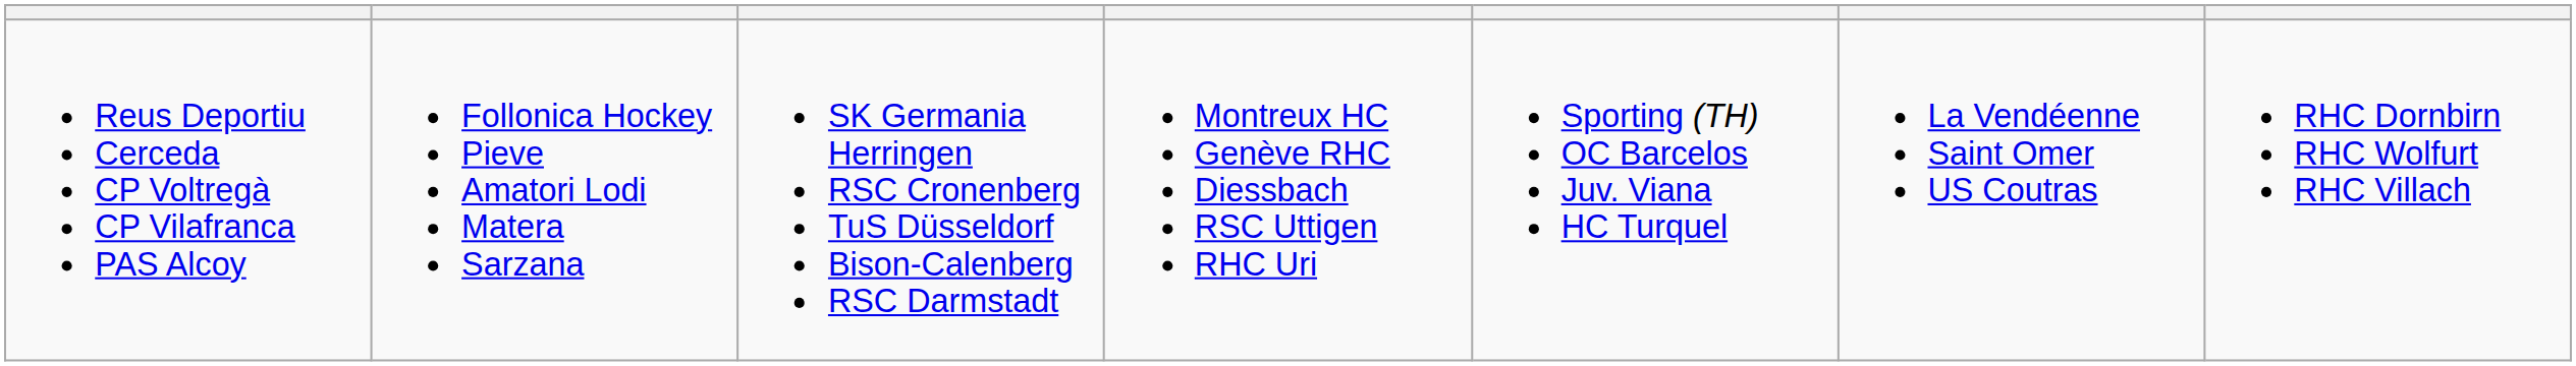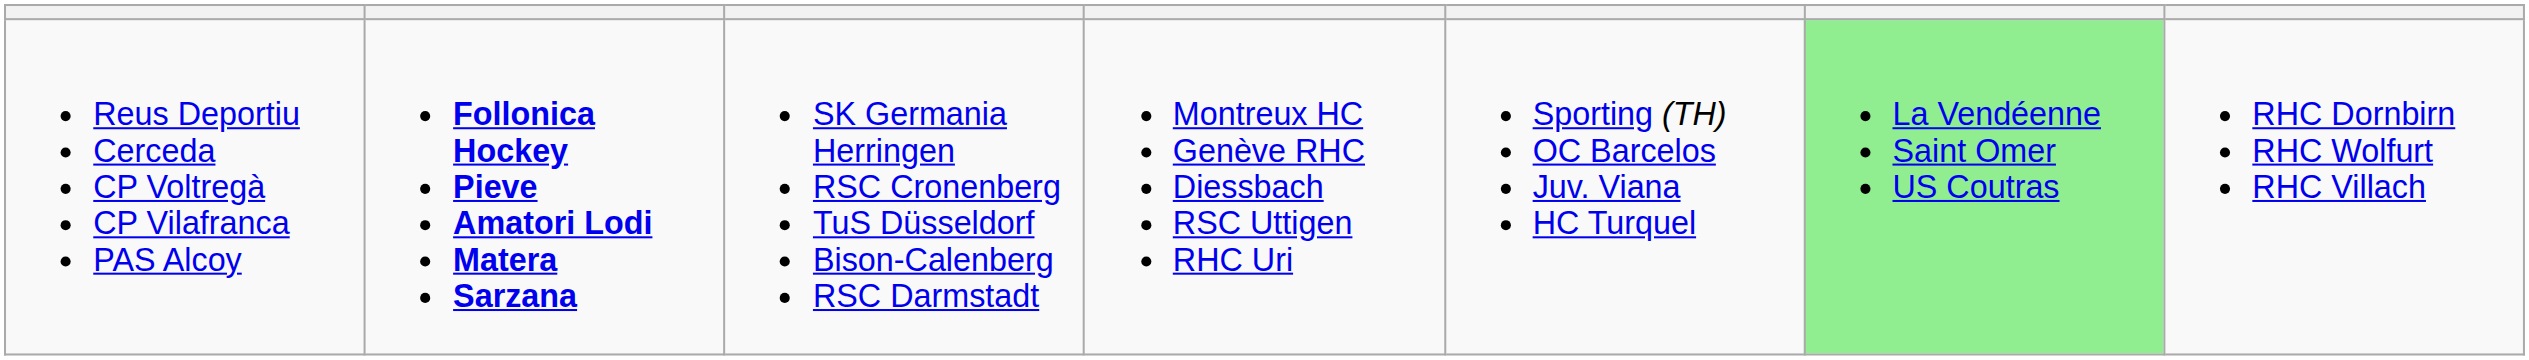 <table class="wikitable">
 <tr>
 <th width=12.5%></th>
 <th width=12.5%></th>
 <th width=12.5%></th>
 <th width=12.5%></th>
 <th width=12.5%></th>
 <th width=12.5%></th>
 <th width=12.5%></th>
 </tr>
 <tr>
 <td valign=top><br><ul><li><a href='#'>Reus Deportiu</a></li><li><a href='#'>Cerceda</a></li><li><a href='#'>CP Voltregà</a></li><li><a href='#'>CP Vilafranca</a></li><li><a href='#'>PAS Alcoy</a></li></ul></td>
-<td valign=top><br><ul><li><a href='#'>Follonica Hockey</a></li><li><a href='#'>Pieve</a></li><li><a href='#'>Amatori Lodi</a></li><li><a href='#'>Matera</a></li><li><a href='#'>Sarzana</a></li></ul></td>
+<td valign=top><strong><br><ul><li><a href='#'>Follonica Hockey</a></li><li><a href='#'>Pieve</a></li><li><a href='#'>Amatori Lodi</a></li><li><a href='#'>Matera</a></li><li><a href='#'>Sarzana</a></li></ul></strong></td>
 <td valign=top><br><ul><li><a href='#'>SK Germania Herringen</a></li><li><a href='#'>RSC Cronenberg</a></li><li><a href='#'>TuS Düsseldorf</a></li><li><a href='#'>Bison-Calenberg</a></li><li><a href='#'>RSC Darmstadt</a></li></ul></td>
 <td valign=top><br><ul><li><a href='#'>Montreux HC</a></li><li><a href='#'>Genève RHC</a></li><li><a href='#'>Diessbach</a></li><li><a href='#'>RSC Uttigen</a></li><li><a href='#'>RHC Uri</a></li></ul></td>
 <td valign=top><br><ul><li><a href='#'>Sporting</a> <em>(TH)</em></li><li><a href='#'>OC Barcelos</a></li><li><a href='#'>Juv. Viana</a></li><li><a href='#'>HC Turquel</a></li></ul></td>
-<td valign=top><br><ul><li><a href='#'>La Vendéenne</a></li><li><a href='#'>Saint Omer</a></li><li><a href='#'>US Coutras</a></li></ul></td>
+<td valign=top style="background: lightgreen;"><br><ul><li><a href='#'>La Vendéenne</a></li><li><a href='#'>Saint Omer</a></li><li><a href='#'>US Coutras</a></li></ul></td>
 <td valign=top><br><ul><li><a href='#'>RHC Dornbirn</a></li><li><a href='#'>RHC Wolfurt</a></li><li><a href='#'>RHC Villach</a></li></ul></td>
 </tr>
 </table>
